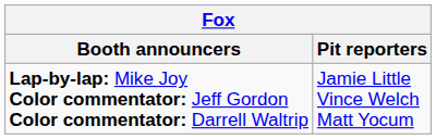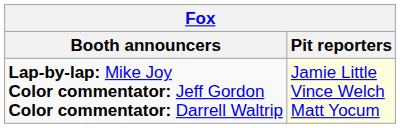 <table class="wikitable" style="font-size: 95%;">
 <tr>
 <th colspan="2"><a href='#'>Fox</a></th>
 </tr>
 <tr>
 <th>Booth announcers</th>
 <th>Pit reporters</th>
 </tr>
 <tr>
 <td><strong>Lap-by-lap:</strong> <a href='#'>Mike Joy</a><br><strong>Color commentator:</strong> <a href='#'>Jeff Gordon</a><br><strong>Color commentator:</strong> <a href='#'>Darrell Waltrip</a></td>
-<td><a href='#'>Jamie Little</a><br><a href='#'>Vince Welch</a><br><a href='#'>Matt Yocum</a></td>
+<td style="background: lightyellow;"><a href='#'>Jamie Little</a><br><a href='#'>Vince Welch</a><br><a href='#'>Matt Yocum</a></td>
 </tr>
 </table>
